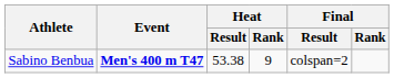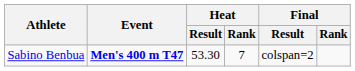 <table class="wikitable" style="font-size:90%">
 <tr>
 <th rowspan="2">Athlete</th>
 <th rowspan="2">Event</th>
 <th colspan="2">Heat</th>
 <th colspan="2">Final</th>
 </tr>
 <tr style="font-size:95%">
 <th>Result</th>
 <th>Rank</th>
 <th>Result</th>
 <th>Rank</th>
 </tr>
 <tr align=center>
 <td align=left><a href='#'>Sabino Benbua</a></td>
 <td align=left><strong><a href='#'>Men's 400 m T47</a></strong></td>
-<td>53.38</td>
-<td>9</td>
+<td>53.30</td>
+<td>7</td>
 <td>colspan=2 </td>
 </tr>
 </table>
